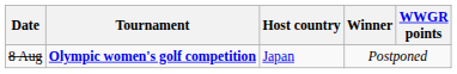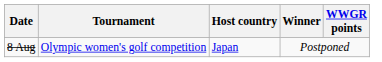 <table class="wikitable sortable" style="font-size:95%">
 <tr>
 <th>Date</th>
 <th>Tournament</th>
 <th>Host country</th>
 <th>Winner</th>
 <th><a href='#'>WWGR</a><br>points</th>
 </tr>
 <tr>
 <td><s>8 Aug</s></td>
-<td><strong><a href='#'>Olympic women's golf competition</a></strong></td>
+<td><a href='#'>Olympic women's golf competition</a></td>
 <td><a href='#'>Japan</a></td>
 <td colspan=2 align=center><em>Postponed</em></td>
 </tr>
 </table>
